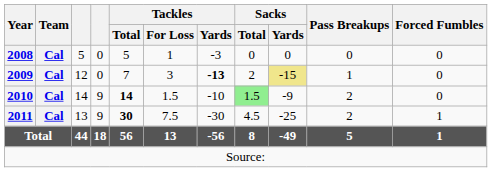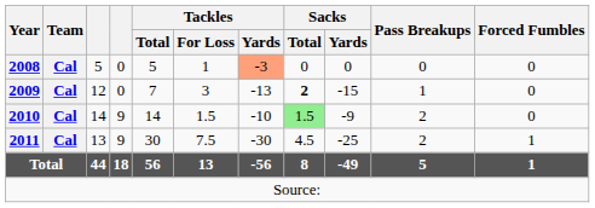 <table class="wikitable" style="text-align:center;">
 <tr>
 <th rowspan="2">Year</th>
 <th rowspan="2">Team</th>
 <th rowspan="2"></th>
 <th rowspan="2"></th>
 <th colspan="3">Tackles</th>
 <th colspan="2">Sacks</th>
 <th rowspan="2">Pass Breakups</th>
 <th rowspan="2">Forced Fumbles</th>
 </tr>
 <tr>
 <th>Total</th>
 <th>For Loss</th>
 <th>Yards</th>
 <th>Total</th>
 <th>Yards</th>
 </tr>
 <tr>
 <th><a href='#'>2008</a></th>
 <th><a href='#'>Cal</a></th>
 <td>5</td>
 <td>0</td>
 <td>5</td>
 <td>1</td>
-<td>-3</td>
+<td style="background: lightsalmon;">-3</td>
 <td>0</td>
 <td>0</td>
 <td>0</td>
 <td>0</td>
 </tr>
 <tr>
 <th><a href='#'>2009</a></th>
 <th><a href='#'>Cal</a></th>
 <td>12</td>
 <td>0</td>
 <td>7</td>
 <td>3</td>
-<td><strong>-13</strong></td>
-<td>2</td>
-<td style="background: khaki;">-15</td>
+<td>-13</td>
+<td><strong>2</strong></td>
+<td>-15</td>
 <td>1</td>
 <td>0</td>
 </tr>
 <tr>
 <th><a href='#'>2010</a></th>
 <th><a href='#'>Cal</a></th>
 <td>14</td>
 <td>9</td>
-<td><strong>14</strong></td>
+<td>14</td>
 <td>1.5</td>
 <td>-10</td>
 <td style="background: lightgreen;">1.5</td>
 <td>-9</td>
 <td>2</td>
 <td>0</td>
 </tr>
 <tr>
 <th><a href='#'>2011</a></th>
 <th><a href='#'>Cal</a></th>
 <td>13</td>
 <td>9</td>
-<td><strong>30</strong></td>
+<td>30</td>
 <td>7.5</td>
 <td>-30</td>
 <td>4.5</td>
 <td>-25</td>
 <td>2</td>
 <td>1</td>
 </tr>
 <tr style="background:#555; font-weight:bold; color:white;">
 <td colspan="2">Total</td>
 <td>44</td>
 <td>18</td>
 <td>56</td>
 <td>13</td>
 <td>-56</td>
 <td>8</td>
 <td>-49</td>
 <td>5</td>
 <td>1</td>
 </tr>
 <tr>
 <td colspan="14">Source:</td>
 </tr>
 </table>
